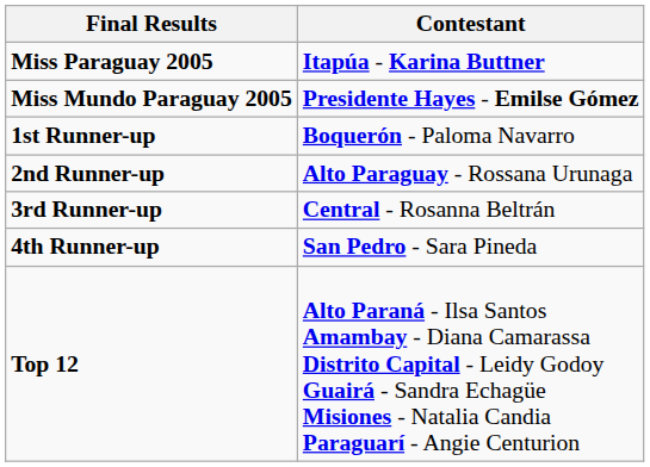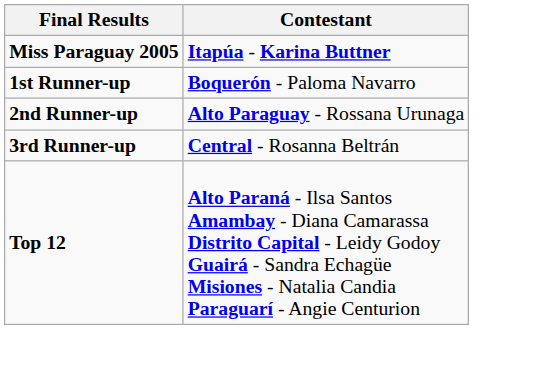 <table class="wikitable" border="1">
 <tr>
 <th>Final Results</th>
 <th>Contestant</th>
 </tr>
 <tr>
 <td><strong>Miss Paraguay 2005</strong></td>
 <td> <strong><a href='#'>Itapúa</a></strong> - <strong><a href='#'>Karina Buttner</a></strong></td>
-</tr>
-<tr>
-<td><strong>Miss Mundo Paraguay 2005</strong></td>
-<td> <strong><a href='#'>Presidente Hayes</a></strong> - <strong>Emilse Gómez</strong></td>
 </tr>
 <tr>
 <td><strong>1st Runner-up</strong></td>
 <td> <strong><a href='#'>Boquerón</a></strong> - Paloma Navarro</td>
 </tr>
 <tr>
 <td><strong>2nd Runner-up</strong></td>
 <td> <strong><a href='#'>Alto Paraguay</a></strong> - Rossana Urunaga</td>
 </tr>
 <tr>
 <td><strong>3rd Runner-up</strong></td>
 <td> <strong><a href='#'>Central</a></strong> - Rosanna Beltrán</td>
 </tr>
 <tr>
-<td><strong>4th Runner-up</strong></td>
-<td> <strong><a href='#'>San Pedro</a></strong> - Sara Pineda</td>
-</tr>
-<tr>
 <td><strong>Top 12</strong></td>
 <td><br> <strong><a href='#'>Alto Paraná</a></strong>  - Ilsa Santos<br>  <strong><a href='#'>Amambay</a></strong>  - Diana Camarassa<br>  <strong><a href='#'>Distrito Capital</a></strong>  - Leidy Godoy<br>  <strong><a href='#'>Guairá</a></strong>  - Sandra Echagüe<br>  <strong><a href='#'>Misiones</a></strong>  - Natalia Candia<br>  <strong><a href='#'>Paraguarí</a></strong>  - Angie Centurion<br></td>
 </tr>
 </table>
